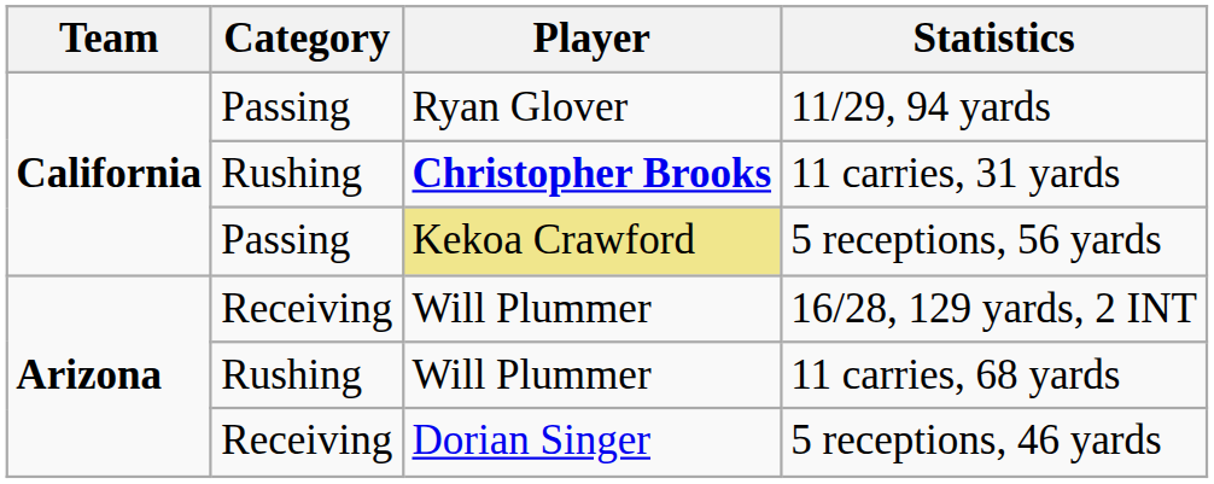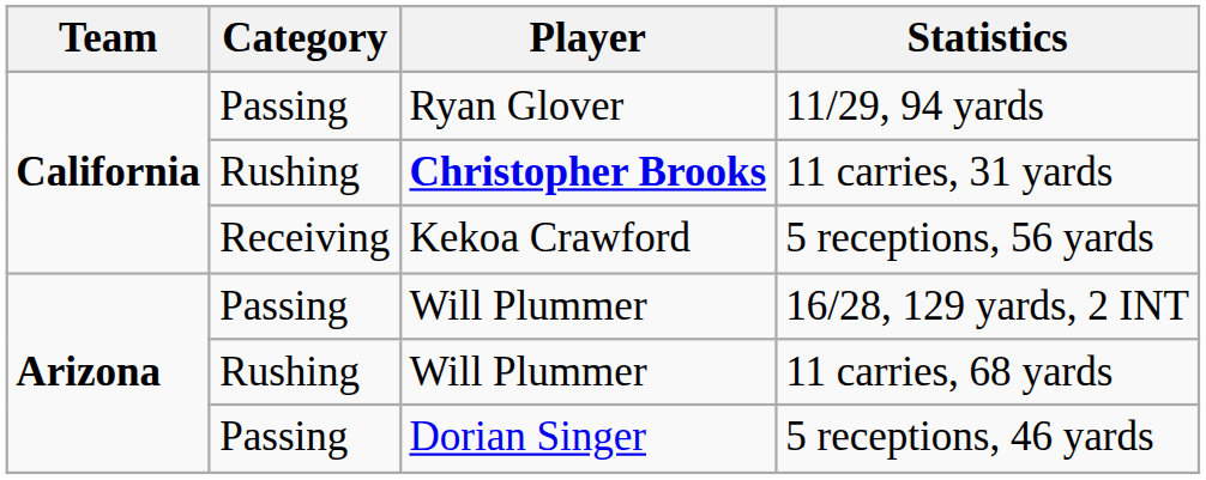 <table class="wikitable" style="float: right;">
 <tr>
 <th>Team</th>
 <th>Category</th>
 <th>Player</th>
 <th>Statistics</th>
 </tr>
 <tr>
 <td rowspan=3><strong>California</strong></td>
 <td>Passing</td>
 <td>Ryan Glover</td>
 <td>11/29, 94 yards</td>
 </tr>
 <tr>
 <td>Rushing</td>
 <td><strong><a href='#'>Christopher Brooks</a></strong></td>
 <td>11 carries, 31 yards</td>
 </tr>
 <tr>
-<td>Passing</td>
-<td style="background: khaki;">Kekoa Crawford</td>
+<td>Receiving</td>
+<td>Kekoa Crawford</td>
 <td>5 receptions, 56 yards</td>
 </tr>
 <tr>
 <td rowspan=3><strong>Arizona</strong></td>
-<td>Receiving</td>
+<td>Passing</td>
 <td>Will Plummer</td>
 <td>16/28, 129 yards, 2 INT</td>
 </tr>
 <tr>
 <td>Rushing</td>
 <td>Will Plummer</td>
 <td>11 carries, 68 yards</td>
 </tr>
 <tr>
-<td>Receiving</td>
+<td>Passing</td>
 <td><a href='#'>Dorian Singer</a></td>
 <td>5 receptions, 46 yards</td>
 </tr>
 </table>
